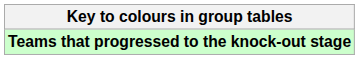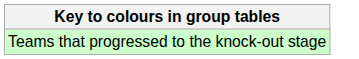 <table class="wikitable">
 <tr>
 <th>Key to colours in group tables</th>
 </tr>
 <tr bgcolor=#CCFFCC>
-<td><strong>Teams that progressed to the knock-out stage</strong></td>
+<td>Teams that progressed to the knock-out stage</td>
 </tr>
 </table>
